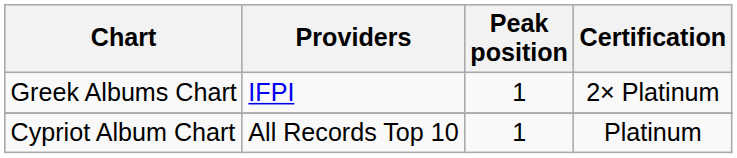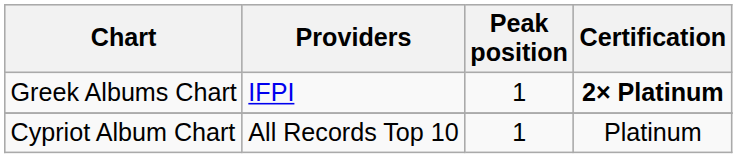 <table class="wikitable">
 <tr>
 <th>Chart</th>
 <th>Providers</th>
 <th>Peak<br>position</th>
 <th>Certification</th>
 </tr>
 <tr>
 <td align="left">Greek Albums Chart</td>
 <td align="left"><a href='#'>IFPI</a></td>
 <td align="center">1</td>
-<td align="center">2× Platinum</td>
+<td align="center"><strong>2× Platinum</strong></td>
 </tr>
 <tr>
 </tr>
 <tr>
 <td align="left">Cypriot Album Chart</td>
 <td align="left">All Records Top 10</td>
 <td align="center">1</td>
 <td align="center">Platinum</td>
 </tr>
 </table>
